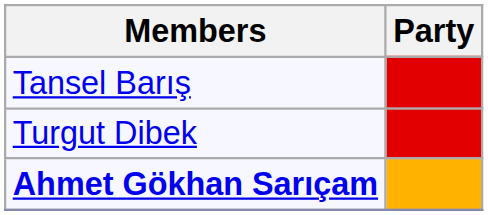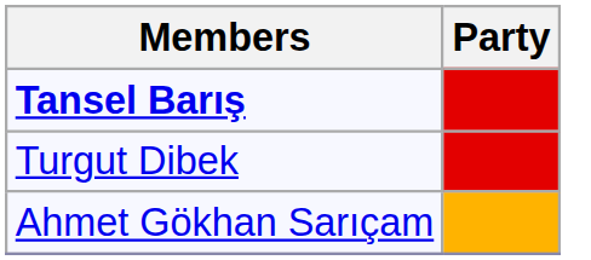 <table class=wikitable style="border:1px solid #8888aa; background-color:#f7f8ff; padding:0px; font-size:90%;">
 <tr>
 <th>Members</th>
 <th colspan="2">Party</th>
 </tr>
 <tr>
-<td><a href='#'>Tansel Barış</a></td>
+<td><strong><a href='#'>Tansel Barış</a></strong></td>
 <td style="background: #e30000"></td>
 </tr>
 <tr>
 <td><a href='#'>Turgut Dibek</a></td>
 <td style="background: #e30000"></td>
 </tr>
 <tr>
-<td><strong><a href='#'>Ahmet Gökhan Sarıçam</a></strong></td>
+<td><a href='#'>Ahmet Gökhan Sarıçam</a></td>
 <td style="background: #ffb300"></td>
 </tr>
 <tr>
 </tr>
 </table>
